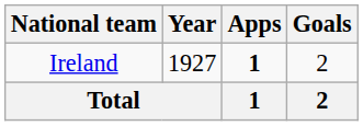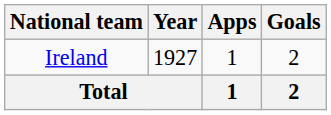 <table class=wikitable style=text-align:center>
 <tr>
 <th>National team</th>
 <th>Year</th>
 <th>Apps</th>
 <th>Goals</th>
 </tr>
 <tr>
 <td rowspan="1"><a href='#'>Ireland</a></td>
 <td>1927</td>
-<td><strong>1</strong></td>
+<td>1</td>
 <td>2</td>
 </tr>
 <tr>
 <th colspan="2">Total</th>
 <th>1</th>
 <th>2</th>
 </tr>
 </table>
